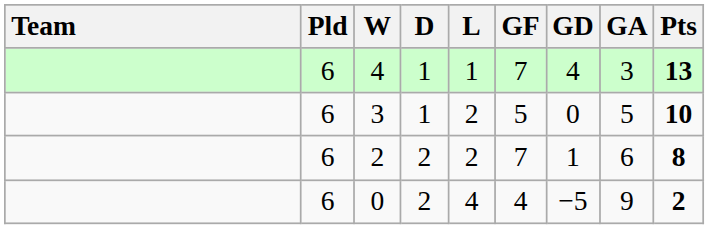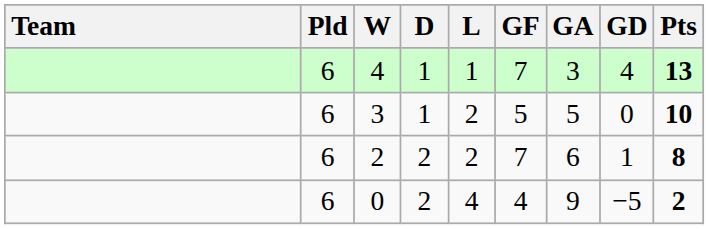 <table class="wikitable" style="text-align:center">
 <tr>
 <th width=165 style="text-align:left">Team</th>
 <th width=20>Pld</th>
 <th width=20>W</th>
 <th width=20>D</th>
 <th width=20>L</th>
 <th width=20>GF</th>
+<th width=20>GA</th>
 <th width=20>GD</th>
-<th width=20>GA</th>
 <th width=20>Pts</th>
 </tr>
 <tr style="background:#ccffcc">
 <td style="text-align:left"></td>
 <td>6</td>
 <td>4</td>
 <td>1</td>
 <td>1</td>
 <td>7</td>
+<td>3</td>
 <td>4</td>
-<td>3</td>
 <td><strong>13</strong></td>
 </tr>
 <tr>
 <td style="text-align:left"></td>
 <td>6</td>
 <td>3</td>
 <td>1</td>
 <td>2</td>
 <td>5</td>
+<td>5</td>
 <td>0</td>
-<td>5</td>
 <td><strong>10</strong></td>
 </tr>
 <tr>
 <td style="text-align:left"></td>
 <td>6</td>
 <td>2</td>
 <td>2</td>
 <td>2</td>
 <td>7</td>
+<td>6</td>
 <td>1</td>
-<td>6</td>
 <td><strong>8</strong></td>
 </tr>
 <tr>
 <td style="text-align:left"></td>
 <td>6</td>
 <td>0</td>
 <td>2</td>
 <td>4</td>
 <td>4</td>
+<td>9</td>
 <td>−5</td>
-<td>9</td>
 <td><strong>2</strong></td>
 </tr>
 </table>
